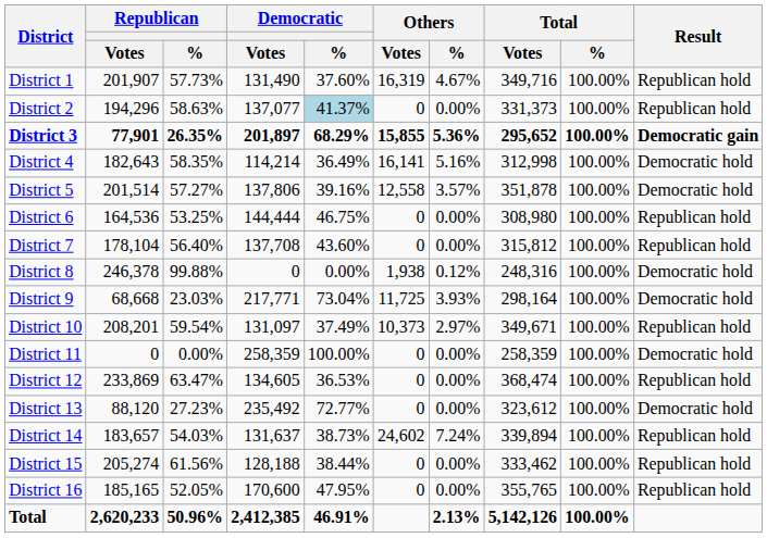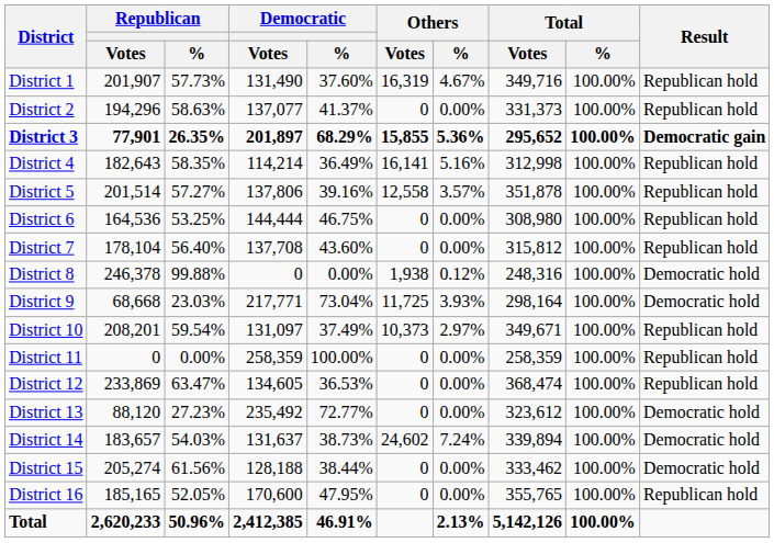 <table class="wikitable plainrowheaders sortable" style="font-size:100%; text-align:right;">
 <tr>
 <th scope=col rowspan=3><a href='#'>District</a></th>
 <th scope=col colspan=2><a href='#'>Republican</a></th>
 <th scope=col colspan=2><a href='#'>Democratic</a></th>
 <th scope=col colspan=2 rowspan=2>Others</th>
 <th scope=col colspan=2 rowspan=2>Total</th>
 <th scope=col rowspan=3>Result</th>
 </tr>
 <tr>
 <th scope=col colspan=2 style="background:"></th>
 <th scope=col colspan=2 style="background:"></th>
 </tr>
 <tr>
 <th scope=col data-sort-type="number">Votes</th>
 <th scope=col data-sort-type="number">%</th>
 <th scope=col data-sort-type="number">Votes</th>
 <th scope=col data-sort-type="number">%</th>
 <th scope=col data-sort-type="number">Votes</th>
 <th scope=col data-sort-type="number">%</th>
 <th scope=col data-sort-type="number">Votes</th>
 <th scope=col data-sort-type="number">%</th>
 </tr>
 <tr>
 <td align=left><a href='#'>District 1</a></td>
 <td>201,907</td>
 <td>57.73%</td>
 <td>131,490</td>
 <td>37.60%</td>
 <td>16,319</td>
 <td>4.67%</td>
 <td>349,716</td>
 <td>100.00%</td>
 <td align=left>Republican hold</td>
 </tr>
 <tr>
 <td align=left><a href='#'>District 2</a></td>
 <td>194,296</td>
 <td>58.63%</td>
 <td>137,077</td>
-<td style="background: lightblue;">41.37%</td>
+<td>41.37%</td>
 <td>0</td>
 <td>0.00%</td>
 <td>331,373</td>
 <td>100.00%</td>
 <td align=left>Republican hold</td>
 </tr>
 <tr>
 <td align=left><strong><a href='#'>District 3</a></strong></td>
 <td><strong>77,901</strong></td>
 <td><strong>26.35%</strong></td>
 <td><strong>201,897</strong></td>
 <td><strong>68.29%</strong></td>
 <td><strong>15,855</strong></td>
 <td><strong>5.36%</strong></td>
 <td><strong>295,652</strong></td>
 <td><strong>100.00%</strong></td>
 <td align=left><strong>Democratic gain</strong></td>
 </tr>
 <tr>
 <td align=left><a href='#'>District 4</a></td>
 <td>182,643</td>
 <td>58.35%</td>
 <td>114,214</td>
 <td>36.49%</td>
 <td>16,141</td>
 <td>5.16%</td>
 <td>312,998</td>
 <td>100.00%</td>
-<td align=left>Democratic hold</td>
+<td align=left>Republican hold</td>
 </tr>
 <tr>
 <td align=left><a href='#'>District 5</a></td>
 <td>201,514</td>
 <td>57.27%</td>
 <td>137,806</td>
 <td>39.16%</td>
 <td>12,558</td>
 <td>3.57%</td>
 <td>351,878</td>
 <td>100.00%</td>
-<td align=left>Democratic hold</td>
+<td align=left>Republican hold</td>
 </tr>
 <tr>
 <td align=left><a href='#'>District 6</a></td>
 <td>164,536</td>
 <td>53.25%</td>
 <td>144,444</td>
 <td>46.75%</td>
 <td>0</td>
 <td>0.00%</td>
 <td>308,980</td>
 <td>100.00%</td>
 <td align=left>Republican hold</td>
 </tr>
 <tr>
 <td align=left><a href='#'>District 7</a></td>
 <td>178,104</td>
 <td>56.40%</td>
 <td>137,708</td>
 <td>43.60%</td>
 <td>0</td>
 <td>0.00%</td>
 <td>315,812</td>
 <td>100.00%</td>
 <td align=left>Republican hold</td>
 </tr>
 <tr>
 <td align=left><a href='#'>District 8</a></td>
 <td>246,378</td>
 <td>99.88%</td>
 <td>0</td>
 <td>0.00%</td>
 <td>1,938</td>
 <td>0.12%</td>
 <td>248,316</td>
 <td>100.00%</td>
 <td align=left>Democratic hold</td>
 </tr>
 <tr>
 <td align=left><a href='#'>District 9</a></td>
 <td>68,668</td>
 <td>23.03%</td>
 <td>217,771</td>
 <td>73.04%</td>
 <td>11,725</td>
 <td>3.93%</td>
 <td>298,164</td>
 <td>100.00%</td>
 <td align=left>Democratic hold</td>
 </tr>
 <tr>
 <td align=left><a href='#'>District 10</a></td>
 <td>208,201</td>
 <td>59.54%</td>
 <td>131,097</td>
 <td>37.49%</td>
 <td>10,373</td>
 <td>2.97%</td>
 <td>349,671</td>
 <td>100.00%</td>
 <td align=left>Republican hold</td>
 </tr>
 <tr>
 <td align=left><a href='#'>District 11</a></td>
 <td>0</td>
 <td>0.00%</td>
 <td>258,359</td>
 <td>100.00%</td>
 <td>0</td>
 <td>0.00%</td>
 <td>258,359</td>
 <td>100.00%</td>
-<td align=left>Democratic hold</td>
+<td align=left>Republican hold</td>
 </tr>
 <tr>
 <td align=left><a href='#'>District 12</a></td>
 <td>233,869</td>
 <td>63.47%</td>
 <td>134,605</td>
 <td>36.53%</td>
 <td>0</td>
 <td>0.00%</td>
 <td>368,474</td>
 <td>100.00%</td>
 <td align=left>Republican hold</td>
 </tr>
 <tr>
 <td align=left><a href='#'>District 13</a></td>
 <td>88,120</td>
 <td>27.23%</td>
 <td>235,492</td>
 <td>72.77%</td>
 <td>0</td>
 <td>0.00%</td>
 <td>323,612</td>
 <td>100.00%</td>
 <td align=left>Democratic hold</td>
 </tr>
 <tr>
 <td align=left><a href='#'>District 14</a></td>
 <td>183,657</td>
 <td>54.03%</td>
 <td>131,637</td>
 <td>38.73%</td>
 <td>24,602</td>
 <td>7.24%</td>
 <td>339,894</td>
 <td>100.00%</td>
-<td align=left>Republican hold</td>
+<td align=left>Democratic hold</td>
 </tr>
 <tr>
 <td align=left><a href='#'>District 15</a></td>
 <td>205,274</td>
 <td>61.56%</td>
 <td>128,188</td>
 <td>38.44%</td>
 <td>0</td>
 <td>0.00%</td>
 <td>333,462</td>
 <td>100.00%</td>
-<td align=left>Republican hold</td>
+<td align=left>Democratic hold</td>
 </tr>
 <tr>
 <td align=left><a href='#'>District 16</a></td>
 <td>185,165</td>
 <td>52.05%</td>
 <td>170,600</td>
 <td>47.95%</td>
 <td>0</td>
 <td>0.00%</td>
 <td>355,765</td>
 <td>100.00%</td>
 <td align=left>Republican hold</td>
 </tr>
 <tr class="sortbottom" style="font-weight:bold">
 <td align=left>Total</td>
 <td>2,620,233</td>
 <td>50.96%</td>
 <td>2,412,385</td>
 <td>46.91%</td>
 <td></td>
 <td>2.13%</td>
 <td>5,142,126</td>
 <td>100.00%</td>
 <td></td>
 </tr>
 </table>
